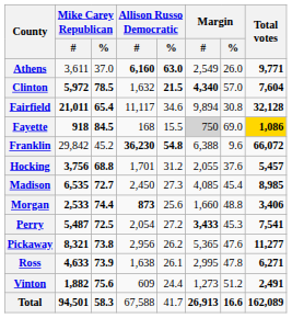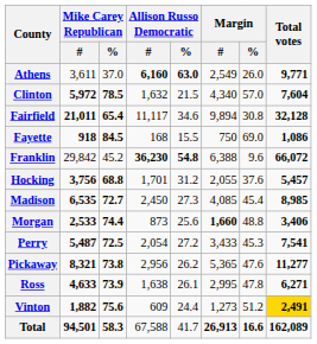 <table class="wikitable sortable" style="text-align:right;font-size:90%;line-height:1.3">
 <tr>
 <th rowspan="2">County</th>
 <th colspan="2"><a href='#'>Mike Carey</a><br><a href='#'>Republican</a></th>
 <th colspan="2"><a href='#'>Allison Russo</a><br><a href='#'>Democratic</a></th>
 <th colspan="2">Margin</th>
 <th rowspan="2">Total<br>votes</th>
 </tr>
 <tr>
 <th data-sort-type="number" style="text-align:center;">#</th>
 <th data-sort-type="number" style="text-align:center;">%</th>
 <th data-sort-type="number" style="text-align:center;">#</th>
 <th data-sort-type="number" style="text-align:center;">%</th>
 <th data-sort-type="number" style="text-align:center;">#</th>
 <th data-sort-type="number" style="text-align:center;">%</th>
 </tr>
 <tr>
 <th><a href='#'>Athens</a> </th>
 <td>3,611</td>
 <td>37.0</td>
 <td><strong>6,160</strong></td>
 <td><strong>63.0</strong></td>
 <td>2,549</td>
 <td>26.0</td>
 <td><strong>9,771</strong></td>
 </tr>
 <tr>
 <th><a href='#'>Clinton</a></th>
 <td><strong>5,972</strong></td>
 <td><strong>78.5</strong></td>
 <td>1,632</td>
-<td><strong>21.5</strong></td>
-<td><strong>4,340</strong></td>
+<td>21.5</td>
+<td>4,340</td>
 <td>57.0</td>
 <td><strong>7,604</strong></td>
 </tr>
 <tr>
 <th><a href='#'>Fairfield</a></th>
 <td><strong>21,011</strong></td>
 <td><strong>65.4</strong></td>
 <td>11,117</td>
 <td>34.6</td>
 <td>9,894</td>
 <td>30.8</td>
 <td><strong>32,128</strong></td>
 </tr>
 <tr>
 <th><a href='#'>Fayette</a> </th>
 <td><strong>918</strong></td>
 <td><strong>84.5</strong></td>
 <td>168</td>
 <td>15.5</td>
-<td style="background: lightgrey;">750</td>
+<td>750</td>
 <td>69.0</td>
-<td style="background: gold;"><strong>1,086</strong></td>
+<td><strong>1,086</strong></td>
 </tr>
 <tr>
 <th><a href='#'>Franklin</a> </th>
 <td>29,842</td>
 <td>45.2</td>
 <td><strong>36,230</strong></td>
 <td><strong>54.8</strong></td>
 <td>6,388</td>
 <td>9.6</td>
 <td><strong>66,072</strong></td>
 </tr>
 <tr>
 <th><a href='#'>Hocking</a></th>
 <td><strong>3,756</strong></td>
 <td><strong>68.8</strong></td>
 <td>1,701</td>
 <td>31.2</td>
 <td>2,055</td>
 <td>37.6</td>
 <td><strong>5,457</strong></td>
 </tr>
 <tr>
 <th><a href='#'>Madison</a></th>
 <td><strong>6,535</strong></td>
 <td><strong>72.7</strong></td>
 <td>2,450</td>
 <td>27.3</td>
 <td>4,085</td>
 <td>45.4</td>
 <td><strong>8,985</strong></td>
 </tr>
 <tr>
 <th><a href='#'>Morgan</a></th>
 <td><strong>2,533</strong></td>
 <td><strong>74.4</strong></td>
-<td><strong>873</strong></td>
+<td>873</td>
 <td>25.6</td>
-<td>1,660</td>
+<td><strong>1,660</strong></td>
 <td>48.8</td>
 <td><strong>3,406</strong></td>
 </tr>
 <tr>
 <th><a href='#'>Perry</a></th>
 <td><strong>5,487</strong></td>
 <td><strong>72.5</strong></td>
 <td>2,054</td>
 <td>27.2</td>
-<td><strong>3,433</strong></td>
+<td>3,433</td>
 <td>45.3</td>
 <td><strong>7,541</strong></td>
 </tr>
 <tr>
 <th><a href='#'>Pickaway</a></th>
 <td><strong>8,321</strong></td>
 <td><strong>73.8</strong></td>
 <td>2,956</td>
 <td>26.2</td>
 <td>5,365</td>
 <td>47.6</td>
 <td><strong>11,277</strong></td>
 </tr>
 <tr>
 <th><a href='#'>Ross</a> </th>
 <td><strong>4,633</strong></td>
 <td><strong>73.9</strong></td>
 <td>1,638</td>
 <td>26.1</td>
 <td>2,995</td>
 <td>47.8</td>
 <td><strong>6,271</strong></td>
 </tr>
 <tr>
 <th><a href='#'>Vinton</a></th>
 <td><strong>1,882</strong></td>
 <td><strong>75.6</strong></td>
 <td>609</td>
 <td>24.4</td>
 <td>1,273</td>
 <td>51.2</td>
-<td><strong>2,491</strong></td>
+<td style="background: gold;"><strong>2,491</strong></td>
 </tr>
 <tr class="sortbottom">
 <th>Total</th>
 <td><strong>94,501</strong></td>
 <td><strong>58.3</strong></td>
 <td>67,588</td>
 <td>41.7</td>
 <td><strong>26,913</strong></td>
 <td><strong>16.6</strong></td>
 <td><strong>162,089</strong></td>
 </tr>
 </table>
